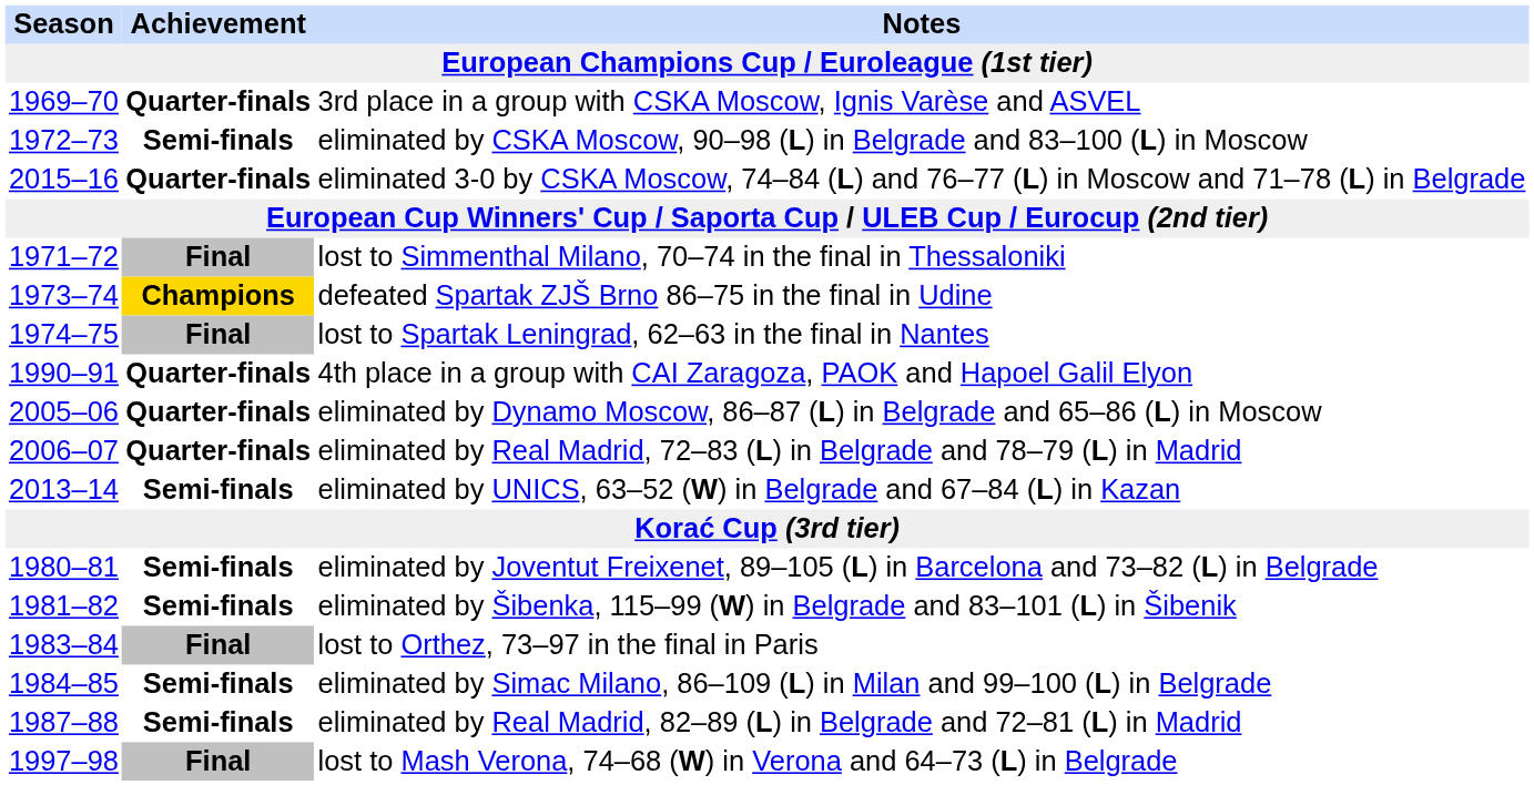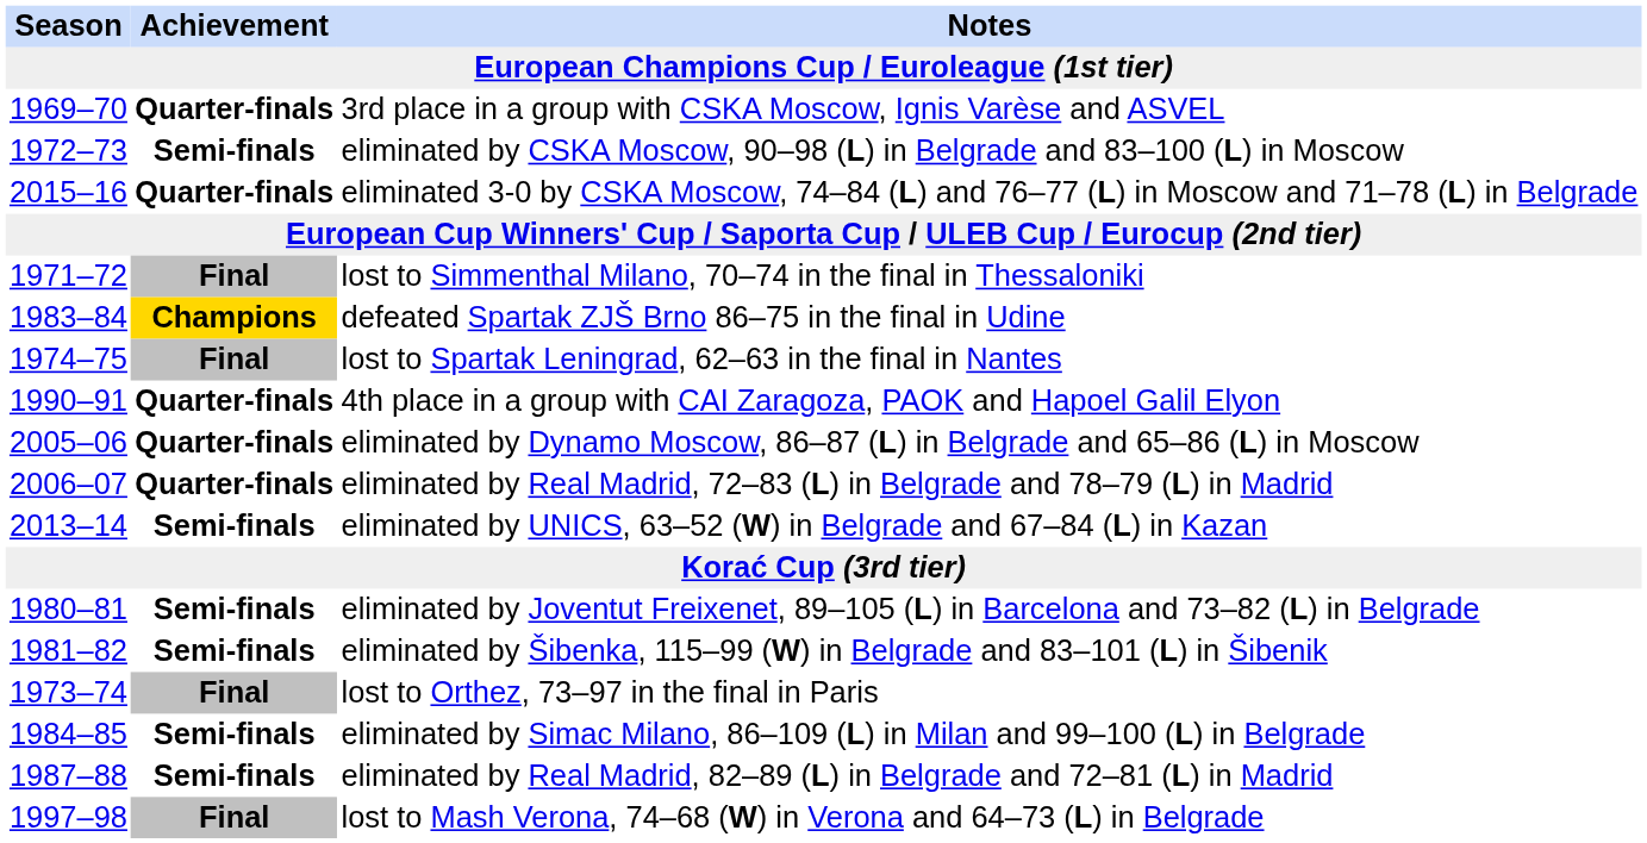 <table class="toccolours" border="0" cellpadding="2" cellspacing="0"  style="float:left; margin:0.5em;">
 <tr style="background:#cadcfb;">
 <th>Season</th>
 <th>Achievement</th>
 <th>Notes</th>
 </tr>
 <tr>
 <th colspan="4" style="background:#efefef;"><a href='#'>European Champions Cup / Euroleague</a> <em>(1st tier)</em></th>
 </tr>
 <tr>
 <td style="text-align:center;"><a href='#'>1969–70</a></td>
 <td style="text-align:center;"><strong>Quarter-finals</strong></td>
 <td style="text-align:left;">3rd place in a group with <a href='#'>CSKA Moscow</a>, <a href='#'>Ignis Varèse</a> and <a href='#'>ASVEL</a></td>
 </tr>
 <tr>
 <td style="text-align:center;"><a href='#'>1972–73</a></td>
 <td style="text-align:center;"><strong>Semi-finals</strong></td>
 <td style="text-align:left;">eliminated by <a href='#'>CSKA Moscow</a>, 90–98 (<strong>L</strong>) in <a href='#'>Belgrade</a> and 83–100 (<strong>L</strong>) in Moscow</td>
 </tr>
 <tr>
 <td style="text-align:center;"><a href='#'>2015–16</a></td>
 <td style="text-align:center;"><strong>Quarter-finals</strong></td>
 <td style="text-align:left;">eliminated 3-0 by <a href='#'>CSKA Moscow</a>, 74–84 (<strong>L</strong>) and 76–77 (<strong>L</strong>) in Moscow and 71–78 (<strong>L</strong>) in <a href='#'>Belgrade</a></td>
 </tr>
 <tr>
 <th colspan="4" style="background:#efefef;"><a href='#'>European Cup Winners' Cup / Saporta Cup</a> / <a href='#'>ULEB Cup / Eurocup</a> <em>(2nd tier)</em></th>
 </tr>
 <tr>
 <td style="text-align:center;"><a href='#'>1971–72</a></td>
 <td style="text-align:center; background:silver;"><strong>Final</strong></td>
 <td style="text-align:left;">lost to <a href='#'>Simmenthal Milano</a>, 70–74 in the final in <a href='#'>Thessaloniki</a></td>
 </tr>
 <tr>
-<td style="text-align:center;"><a href='#'>1973–74</a></td>
+<td style="text-align:center;"><a href='#'>1983–84</a></td>
 <td style="text-align:center; background:gold;"><strong>Champions</strong></td>
 <td style="text-align:left;">defeated <a href='#'>Spartak ZJŠ Brno</a> 86–75 in the final in <a href='#'>Udine</a></td>
 </tr>
 <tr>
 <td style="text-align:center;"><a href='#'>1974–75</a></td>
 <td style="text-align:center; background:silver;"><strong>Final</strong></td>
 <td style="text-align:left;">lost to <a href='#'>Spartak Leningrad</a>, 62–63 in the final in <a href='#'>Nantes</a></td>
 </tr>
 <tr>
 <td style="text-align:center;"><a href='#'>1990–91</a></td>
 <td style="text-align:center;"><strong>Quarter-finals</strong></td>
 <td style="text-align:left;">4th place in a group with <a href='#'>CAI Zaragoza</a>, <a href='#'>PAOK</a> and <a href='#'>Hapoel Galil Elyon</a></td>
 </tr>
 <tr>
 <td style="text-align:center;"><a href='#'>2005–06</a></td>
 <td style="text-align:center;"><strong>Quarter-finals</strong></td>
 <td style="text-align:left;">eliminated by <a href='#'>Dynamo Moscow</a>, 86–87 (<strong>L</strong>) in <a href='#'>Belgrade</a> and 65–86 (<strong>L</strong>) in Moscow</td>
 </tr>
 <tr>
 <td style="text-align:center;"><a href='#'>2006–07</a></td>
 <td style="text-align:center;"><strong>Quarter-finals</strong></td>
 <td style="text-align:left;">eliminated by <a href='#'>Real Madrid</a>, 72–83 (<strong>L</strong>) in <a href='#'>Belgrade</a> and 78–79 (<strong>L</strong>) in <a href='#'>Madrid</a></td>
 </tr>
 <tr>
 <td style="text-align:center;"><a href='#'>2013–14</a></td>
 <td style="text-align:center;"><strong>Semi-finals</strong></td>
 <td style="text-align:left;">eliminated by <a href='#'>UNICS</a>, 63–52 (<strong>W</strong>) in <a href='#'>Belgrade</a> and 67–84 (<strong>L</strong>) in <a href='#'>Kazan</a></td>
 </tr>
 <tr>
 <th colspan="4" style="background:#efefef;"><a href='#'>Korać Cup</a> <em>(3rd tier)</em></th>
 </tr>
 <tr>
 <td style="text-align:center;"><a href='#'>1980–81</a></td>
 <td style="text-align:center;"><strong>Semi-finals</strong></td>
 <td style="text-align:left;">eliminated by <a href='#'>Joventut Freixenet</a>, 89–105 (<strong>L</strong>) in <a href='#'>Barcelona</a> and 73–82 (<strong>L</strong>) in <a href='#'>Belgrade</a></td>
 </tr>
 <tr>
 <td style="text-align:center;"><a href='#'>1981–82</a></td>
 <td style="text-align:center;"><strong>Semi-finals</strong></td>
 <td style="text-align:left;">eliminated by <a href='#'>Šibenka</a>, 115–99 (<strong>W</strong>) in <a href='#'>Belgrade</a> and 83–101 (<strong>L</strong>) in <a href='#'>Šibenik</a></td>
 </tr>
 <tr>
-<td style="text-align:center;"><a href='#'>1983–84</a></td>
+<td style="text-align:center;"><a href='#'>1973–74</a></td>
 <td style="text-align:center; background:silver;"><strong>Final</strong></td>
 <td style="text-align:left;">lost to <a href='#'>Orthez</a>, 73–97 in the final  in Paris</td>
 </tr>
 <tr>
 <td style="text-align:center;"><a href='#'>1984–85</a></td>
 <td style="text-align:center;"><strong>Semi-finals</strong></td>
 <td style="text-align:left;">eliminated by <a href='#'>Simac Milano</a>, 86–109 (<strong>L</strong>) in <a href='#'>Milan</a> and 99–100 (<strong>L</strong>) in <a href='#'>Belgrade</a></td>
 </tr>
 <tr>
 <td style="text-align:center;"><a href='#'>1987–88</a></td>
 <td style="text-align:center;"><strong>Semi-finals</strong></td>
 <td style="text-align:left;">eliminated by <a href='#'>Real Madrid</a>, 82–89 (<strong>L</strong>) in <a href='#'>Belgrade</a> and 72–81 (<strong>L</strong>) in <a href='#'>Madrid</a></td>
 </tr>
 <tr>
 <td style="text-align:center;"><a href='#'>1997–98</a></td>
 <td style="text-align:center; background:silver;"><strong>Final</strong></td>
 <td style="text-align:left;">lost to <a href='#'>Mash Verona</a>, 74–68 (<strong>W</strong>) in <a href='#'>Verona</a> and 64–73 (<strong>L</strong>) in <a href='#'>Belgrade</a></td>
 </tr>
 </table>
